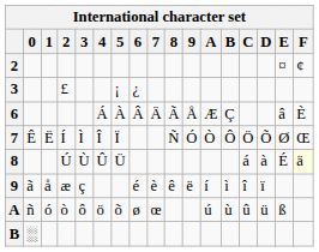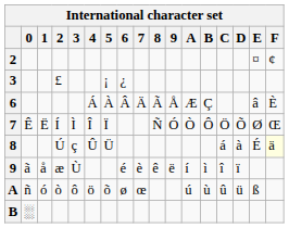 <table class="wikitable">
 <tr>
 <th colspan="17">International character set</th>
 </tr>
 <tr>
 <th></th>
 <th>0</th>
 <th>1</th>
 <th>2</th>
 <th>3</th>
 <th>4</th>
 <th>5</th>
 <th>6</th>
 <th>7</th>
 <th>8</th>
 <th>9</th>
 <th>A</th>
 <th>B</th>
 <th>C</th>
 <th>D</th>
 <th>E</th>
 <th>F</th>
 </tr>
 <tr>
 <th>2</th>
 <td></td>
 <td></td>
 <td></td>
 <td></td>
 <td></td>
 <td></td>
 <td></td>
 <td></td>
 <td></td>
 <td></td>
 <td></td>
 <td></td>
 <td></td>
 <td></td>
 <td>¤</td>
 <td>¢</td>
 </tr>
 <tr>
 <th>3</th>
 <td></td>
 <td></td>
 <td>£</td>
 <td></td>
 <td></td>
 <td>¡</td>
 <td>¿</td>
 <td></td>
 <td></td>
 <td></td>
 <td></td>
 <td></td>
 <td></td>
 <td></td>
 <td></td>
 <td></td>
 </tr>
 <tr>
 <th>6</th>
 <td></td>
 <td></td>
 <td></td>
 <td></td>
 <td>Á</td>
 <td>À</td>
 <td>Â</td>
 <td>Ä</td>
 <td>Ã</td>
 <td>Å</td>
 <td>Æ</td>
 <td>Ç</td>
 <td></td>
 <td></td>
 <td>â</td>
 <td>È</td>
 </tr>
 <tr>
 <th>7</th>
 <td>Ê</td>
 <td>Ë</td>
 <td>Í</td>
 <td>Ì</td>
 <td>Î</td>
 <td>Ï</td>
 <td></td>
 <td></td>
 <td>Ñ</td>
 <td>Ó</td>
 <td>Ò</td>
 <td>Ô</td>
 <td>Ö</td>
 <td>Õ</td>
 <td>Ø</td>
 <td>Œ</td>
 </tr>
 <tr>
 <th>8</th>
 <td></td>
 <td></td>
 <td>Ú</td>
-<td>Ù</td>
+<td>ç</td>
 <td>Û</td>
 <td>Ü</td>
 <td></td>
 <td></td>
 <td></td>
 <td></td>
 <td></td>
 <td></td>
 <td>á</td>
 <td>à</td>
 <td>É</td>
 <td style="background: lightyellow;">ä</td>
 </tr>
 <tr>
 <th>9</th>
 <td>ã</td>
 <td>å</td>
 <td>æ</td>
-<td>ç</td>
+<td>Ù</td>
 <td></td>
 <td></td>
 <td>é</td>
 <td>è</td>
 <td>ê</td>
 <td>ë</td>
 <td>í</td>
 <td>ì</td>
 <td>î</td>
 <td>ï</td>
 <td></td>
 <td></td>
 </tr>
 <tr>
 <th>A</th>
 <td>ñ</td>
 <td>ó</td>
 <td>ò</td>
 <td>ô</td>
 <td>ö</td>
 <td>õ</td>
 <td>ø</td>
 <td>œ</td>
 <td></td>
 <td></td>
 <td>ú</td>
 <td>ù</td>
 <td>û</td>
 <td>ü</td>
 <td>ß</td>
 <td></td>
 </tr>
 <tr>
 <th>B</th>
 <td>░</td>
 <td></td>
 <td></td>
 <td></td>
 <td></td>
 <td></td>
 <td></td>
 <td></td>
 <td></td>
 <td></td>
 <td></td>
 <td></td>
 <td></td>
 <td></td>
 <td></td>
 <td></td>
 </tr>
 </table>
